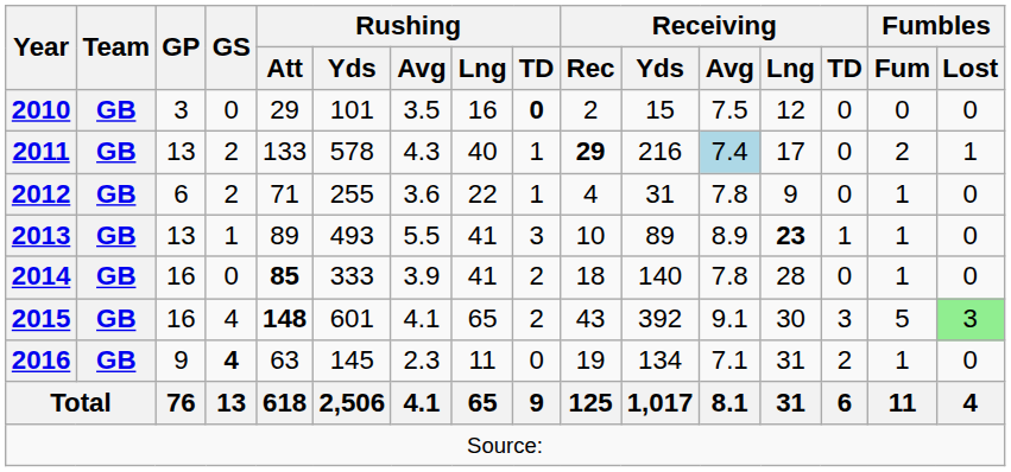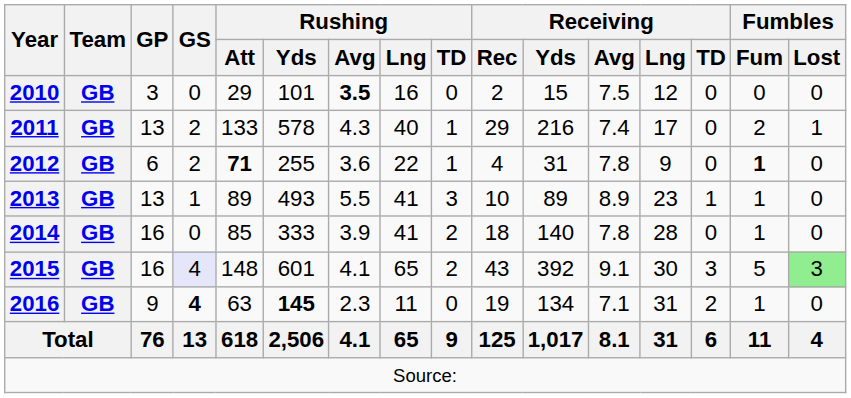 <table class="wikitable" style="text-align: center;">
 <tr>
 <th rowspan="2">Year</th>
 <th rowspan="2">Team</th>
 <th rowspan="2">GP</th>
 <th rowspan="2">GS</th>
 <th colspan="5">Rushing</th>
 <th colspan="5">Receiving</th>
 <th colspan="2">Fumbles</th>
 </tr>
 <tr>
 <th>Att</th>
 <th>Yds</th>
 <th>Avg</th>
 <th>Lng</th>
 <th>TD</th>
 <th>Rec</th>
 <th>Yds</th>
 <th>Avg</th>
 <th>Lng</th>
 <th>TD</th>
 <th>Fum</th>
 <th>Lost</th>
 </tr>
 <tr>
 <th><a href='#'>2010</a></th>
 <th><a href='#'>GB</a></th>
 <td>3</td>
 <td>0</td>
 <td>29</td>
 <td>101</td>
-<td>3.5</td>
+<td><strong>3.5</strong></td>
 <td>16</td>
-<td><strong>0</strong></td>
+<td>0</td>
 <td>2</td>
 <td>15</td>
 <td>7.5</td>
 <td>12</td>
 <td>0</td>
 <td>0</td>
 <td>0</td>
 </tr>
 <tr>
 <th><a href='#'>2011</a></th>
 <th><a href='#'>GB</a></th>
 <td>13</td>
 <td>2</td>
 <td>133</td>
 <td>578</td>
 <td>4.3</td>
 <td>40</td>
 <td>1</td>
-<td><strong>29</strong></td>
+<td>29</td>
 <td>216</td>
-<td style="background: lightblue;">7.4</td>
+<td>7.4</td>
 <td>17</td>
 <td>0</td>
 <td>2</td>
 <td>1</td>
 </tr>
 <tr>
 <th><a href='#'>2012</a></th>
 <th><a href='#'>GB</a></th>
 <td>6</td>
 <td>2</td>
-<td>71</td>
+<td><strong>71</strong></td>
 <td>255</td>
 <td>3.6</td>
 <td>22</td>
 <td>1</td>
 <td>4</td>
 <td>31</td>
 <td>7.8</td>
 <td>9</td>
 <td>0</td>
-<td>1</td>
+<td><strong>1</strong></td>
 <td>0</td>
 </tr>
 <tr>
 <th><a href='#'>2013</a></th>
 <th><a href='#'>GB</a></th>
 <td>13</td>
 <td>1</td>
 <td>89</td>
 <td>493</td>
 <td>5.5</td>
 <td>41</td>
 <td>3</td>
 <td>10</td>
 <td>89</td>
 <td>8.9</td>
-<td><strong>23</strong></td>
+<td>23</td>
 <td>1</td>
 <td>1</td>
 <td>0</td>
 </tr>
 <tr>
 <th><a href='#'>2014</a></th>
 <th><a href='#'>GB</a></th>
 <td>16</td>
 <td>0</td>
-<td><strong>85</strong></td>
+<td>85</td>
 <td>333</td>
 <td>3.9</td>
 <td>41</td>
 <td>2</td>
 <td>18</td>
 <td>140</td>
 <td>7.8</td>
 <td>28</td>
 <td>0</td>
 <td>1</td>
 <td>0</td>
 </tr>
 <tr>
 <th><a href='#'>2015</a></th>
 <th><a href='#'>GB</a></th>
 <td>16</td>
-<td>4</td>
-<td><strong>148</strong></td>
+<td style="background: lavender;">4</td>
+<td>148</td>
 <td>601</td>
 <td>4.1</td>
 <td>65</td>
 <td>2</td>
 <td>43</td>
 <td>392</td>
 <td>9.1</td>
 <td>30</td>
 <td>3</td>
 <td>5</td>
 <td style="background: lightgreen;">3</td>
 </tr>
 <tr>
 <th><a href='#'>2016</a></th>
 <th><a href='#'>GB</a></th>
 <td>9</td>
 <td><strong>4</strong></td>
 <td>63</td>
-<td>145</td>
+<td><strong>145</strong></td>
 <td>2.3</td>
 <td>11</td>
 <td>0</td>
 <td>19</td>
 <td>134</td>
 <td>7.1</td>
 <td>31</td>
 <td>2</td>
 <td>1</td>
 <td>0</td>
 </tr>
 <tr>
 <th colspan="2">Total</th>
 <th>76</th>
 <th>13</th>
 <th>618</th>
 <th>2,506</th>
 <th>4.1</th>
 <th>65</th>
 <th>9</th>
 <th>125</th>
 <th>1,017</th>
 <th>8.1</th>
 <th>31</th>
 <th>6</th>
 <th>11</th>
 <th>4</th>
 </tr>
 <tr>
 <td colspan="16"><small>Source: </small></td>
 </tr>
 </table>
